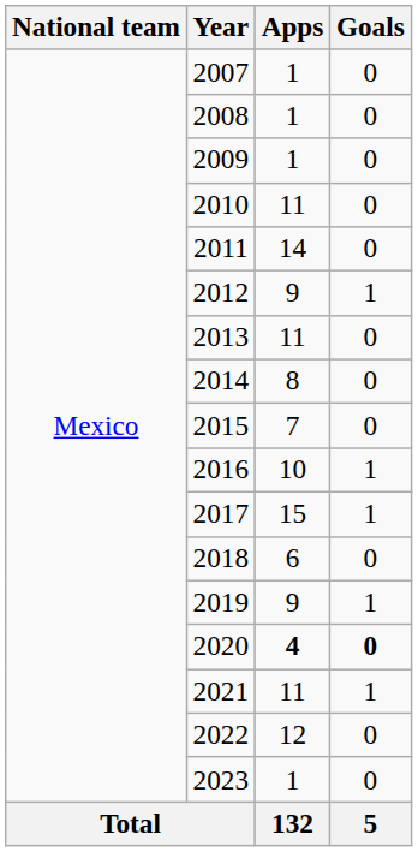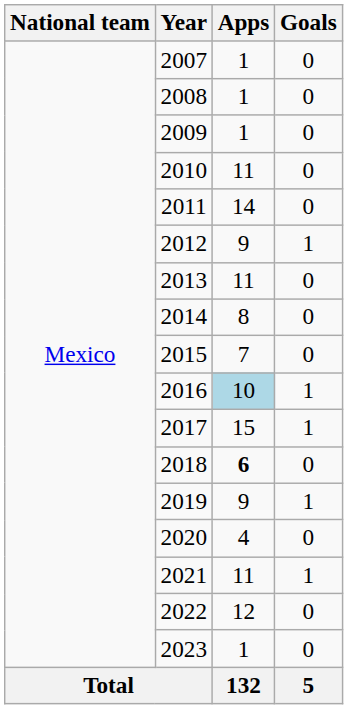 <table class="wikitable" style="text-align:center">
 <tr>
 <th>National team</th>
 <th>Year</th>
 <th>Apps</th>
 <th>Goals</th>
 </tr>
 <tr>
 <td rowspan="17"><a href='#'>Mexico</a></td>
 <td>2007</td>
 <td>1</td>
 <td>0</td>
 </tr>
 <tr>
 <td>2008</td>
 <td>1</td>
 <td>0</td>
 </tr>
 <tr>
 <td>2009</td>
 <td>1</td>
 <td>0</td>
 </tr>
 <tr>
 <td>2010</td>
 <td>11</td>
 <td>0</td>
 </tr>
 <tr>
 <td>2011</td>
 <td>14</td>
 <td>0</td>
 </tr>
 <tr>
 <td>2012</td>
 <td>9</td>
 <td>1</td>
 </tr>
 <tr>
 <td>2013</td>
 <td>11</td>
 <td>0</td>
 </tr>
 <tr>
 <td>2014</td>
 <td>8</td>
 <td>0</td>
 </tr>
 <tr>
 <td>2015</td>
 <td>7</td>
 <td>0</td>
 </tr>
 <tr>
 <td>2016</td>
-<td>10</td>
+<td style="background: lightblue;">10</td>
 <td>1</td>
 </tr>
 <tr>
 <td>2017</td>
 <td>15</td>
 <td>1</td>
 </tr>
 <tr>
 <td>2018</td>
-<td>6</td>
+<td><strong>6</strong></td>
 <td>0</td>
 </tr>
 <tr>
 <td>2019</td>
 <td>9</td>
 <td>1</td>
 </tr>
 <tr>
 <td>2020</td>
-<td><strong>4</strong></td>
-<td><strong>0</strong></td>
+<td>4</td>
+<td>0</td>
 </tr>
 <tr>
 <td>2021</td>
 <td>11</td>
 <td>1</td>
 </tr>
 <tr>
 <td>2022</td>
 <td>12</td>
 <td>0</td>
 </tr>
 <tr>
 <td>2023</td>
 <td>1</td>
 <td>0</td>
 </tr>
 <tr>
 <th colspan="2">Total</th>
 <th>132</th>
 <th>5</th>
 </tr>
 </table>
